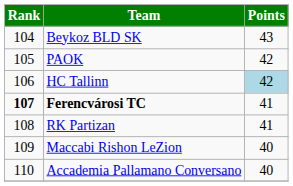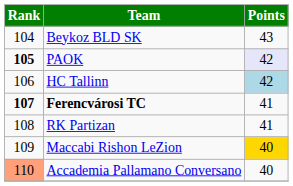 <table class="wikitable" style="text-align: center;">
 <tr>
 <th style="color:#FFFFFF; background:#007F00">Rank</th>
 <th style="color:#FFFFFF; background:#007F00">Team</th>
 <th style="color:#FFFFFF; background:#007F00">Points</th>
 </tr>
 <tr>
 <td>104</td>
 <td align=left> <a href='#'>Beykoz BLD SK</a></td>
 <td>43</td>
 </tr>
 <tr>
-<td>105</td>
+<td><strong>105</strong></td>
 <td align=left> <a href='#'>PAOK</a></td>
-<td>42</td>
+<td style="background: lavender;">42</td>
 </tr>
 <tr>
 <td>106</td>
 <td align=left> <a href='#'>HC Tallinn</a></td>
 <td style="background: lightblue;">42</td>
 </tr>
 <tr>
 <td><strong>107</strong></td>
 <td align=left> <strong>Ferencvárosi TC</strong></td>
 <td>41</td>
 </tr>
 <tr>
 <td>108</td>
 <td align=left> <a href='#'>RK Partizan</a></td>
 <td>41</td>
 </tr>
 <tr>
 <td>109</td>
 <td align=left> <a href='#'>Maccabi Rishon LeZion</a></td>
-<td>40</td>
+<td style="background: gold;">40</td>
 </tr>
 <tr>
-<td>110</td>
+<td style="background: lightsalmon;">110</td>
 <td align=left> <a href='#'>Accademia Pallamano Conversano</a></td>
 <td>40</td>
 </tr>
 <tr>
 </tr>
 </table>
